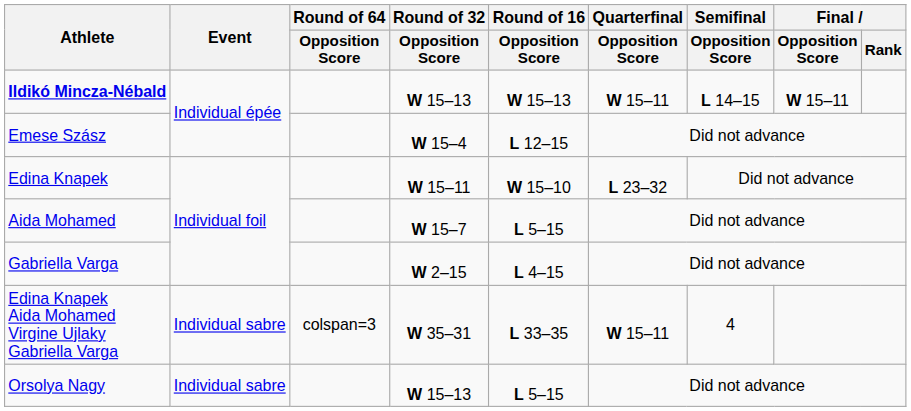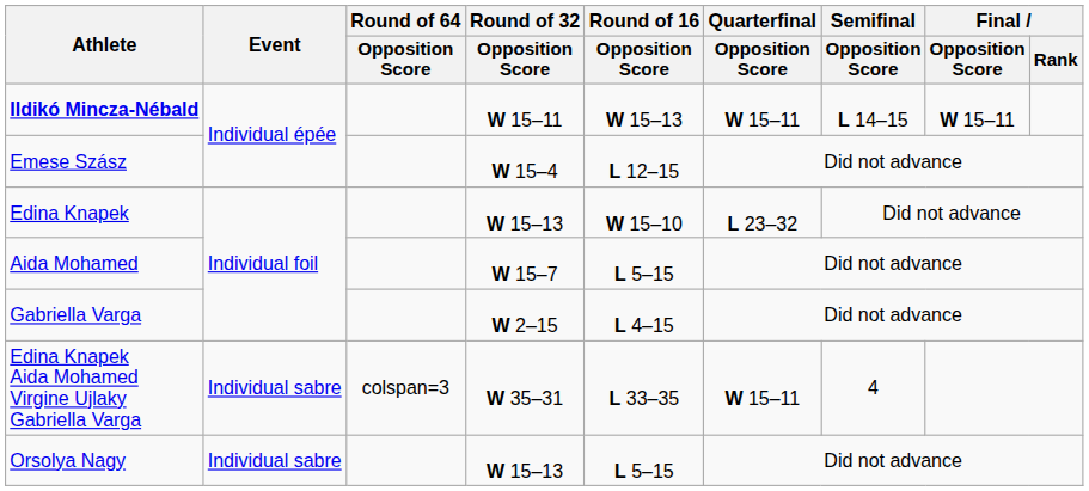 <table class="wikitable" style="font-size:90%">
 <tr>
 <th rowspan="2">Athlete</th>
 <th rowspan="2">Event</th>
 <th>Round of 64</th>
 <th>Round of 32</th>
 <th>Round of 16</th>
 <th>Quarterfinal</th>
 <th>Semifinal</th>
 <th colspan=2>Final / </th>
 </tr>
 <tr style="font-size:95%">
 <th>Opposition <br> Score</th>
 <th>Opposition <br> Score</th>
 <th>Opposition <br> Score</th>
 <th>Opposition <br> Score</th>
 <th>Opposition <br> Score</th>
 <th>Opposition <br> Score</th>
 <th>Rank</th>
 </tr>
 <tr align=center>
 <td align=left><strong><a href='#'>Ildikó Mincza-Nébald</a></strong></td>
 <td align=left rowspan=2><a href='#'>Individual épée</a></td>
 <td></td>
-<td><br><strong>W</strong> 15–13</td>
+<td><br><strong>W</strong> 15–11</td>
 <td><br><strong>W</strong> 15–13</td>
 <td><br><strong>W</strong> 15–11</td>
 <td><br><strong>L</strong> 14–15</td>
 <td><br><strong>W</strong> 15–11</td>
 <td></td>
 </tr>
 <tr align=center>
 <td align=left><a href='#'>Emese Szász</a></td>
 <td></td>
 <td><br><strong>W</strong> 15–4</td>
 <td><br><strong>L</strong> 12–15</td>
 <td colspan=4>Did not advance</td>
 </tr>
 <tr align=center>
 <td align=left><a href='#'>Edina Knapek</a></td>
 <td align=left rowspan=3><a href='#'>Individual foil</a></td>
 <td></td>
-<td><br><strong>W</strong> 15–11</td>
+<td><br><strong>W</strong> 15–13</td>
 <td><br><strong>W</strong> 15–10</td>
 <td><br><strong>L</strong> 23–32</td>
 <td colspan=3>Did not advance</td>
 </tr>
 <tr align=center>
 <td align=left><a href='#'>Aida Mohamed</a></td>
 <td></td>
 <td><br><strong>W</strong> 15–7</td>
 <td><br><strong>L</strong> 5–15</td>
 <td colspan=4>Did not advance</td>
 </tr>
 <tr align=center>
 <td align=left><a href='#'>Gabriella Varga</a></td>
 <td></td>
 <td><br><strong>W</strong> 2–15</td>
 <td><br><strong>L</strong> 4–15</td>
 <td colspan=4>Did not advance</td>
 </tr>
 <tr align=center>
 <td align=left><a href='#'>Edina Knapek</a><br><a href='#'>Aida Mohamed</a><br><a href='#'>Virgine Ujlaky</a><br><a href='#'>Gabriella Varga</a></td>
 <td align=left><a href='#'>Individual sabre</a></td>
 <td>colspan=3 </td>
 <td><br><strong>W</strong> 35–31</td>
 <td><br><strong>L</strong> 33–35</td>
 <td><br><strong>W</strong> 15–11</td>
 <td>4</td>
 </tr>
 <tr align=center>
 <td align=left><a href='#'>Orsolya Nagy</a></td>
 <td align=left><a href='#'>Individual sabre</a></td>
 <td></td>
 <td><br><strong>W</strong> 15–13</td>
 <td><br><strong>L</strong> 5–15</td>
 <td colspan=4>Did not advance</td>
 </tr>
 </table>
